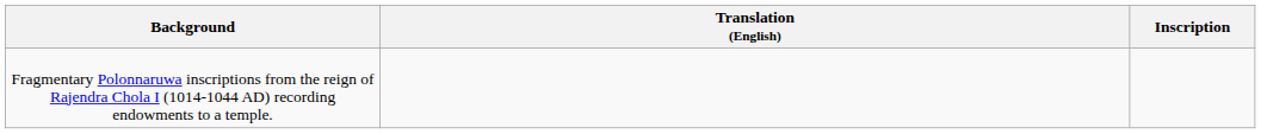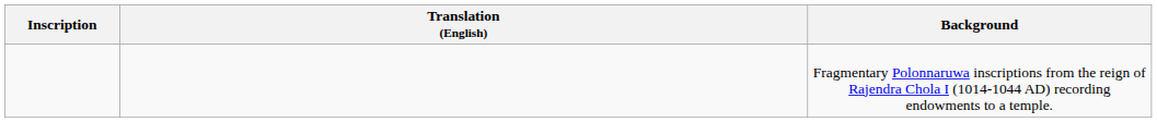 <table class="wikitable centre">
 <tr>
+<th>Inscription<br></th>
+<th>Translation<br><small>(English)</small></th>
 <th scope="col" align=left>Background<br></th>
-<th>Translation<br><small>(English)</small></th>
-<th>Inscription<br></th>
 </tr>
 <tr>
+<td align=center width="10%"><br></td>
+<td align=left><br></td>
 <td align=center width="30%"><br>Fragmentary <a href='#'>Polonnaruwa</a> inscriptions from the reign of <a href='#'>Rajendra Chola I</a> (1014-1044 AD) recording endowments to a temple.</td>
-<td align=left><br></td>
-<td align=center width="10%"><br></td>
 </tr>
 </table>
